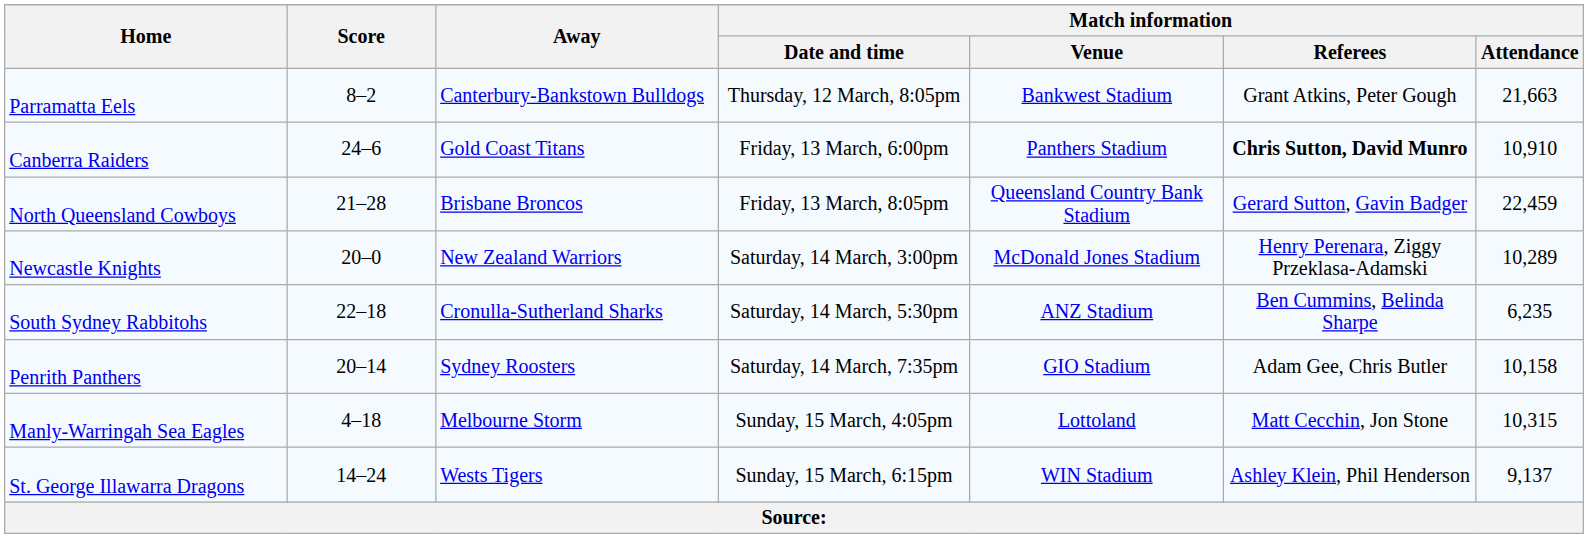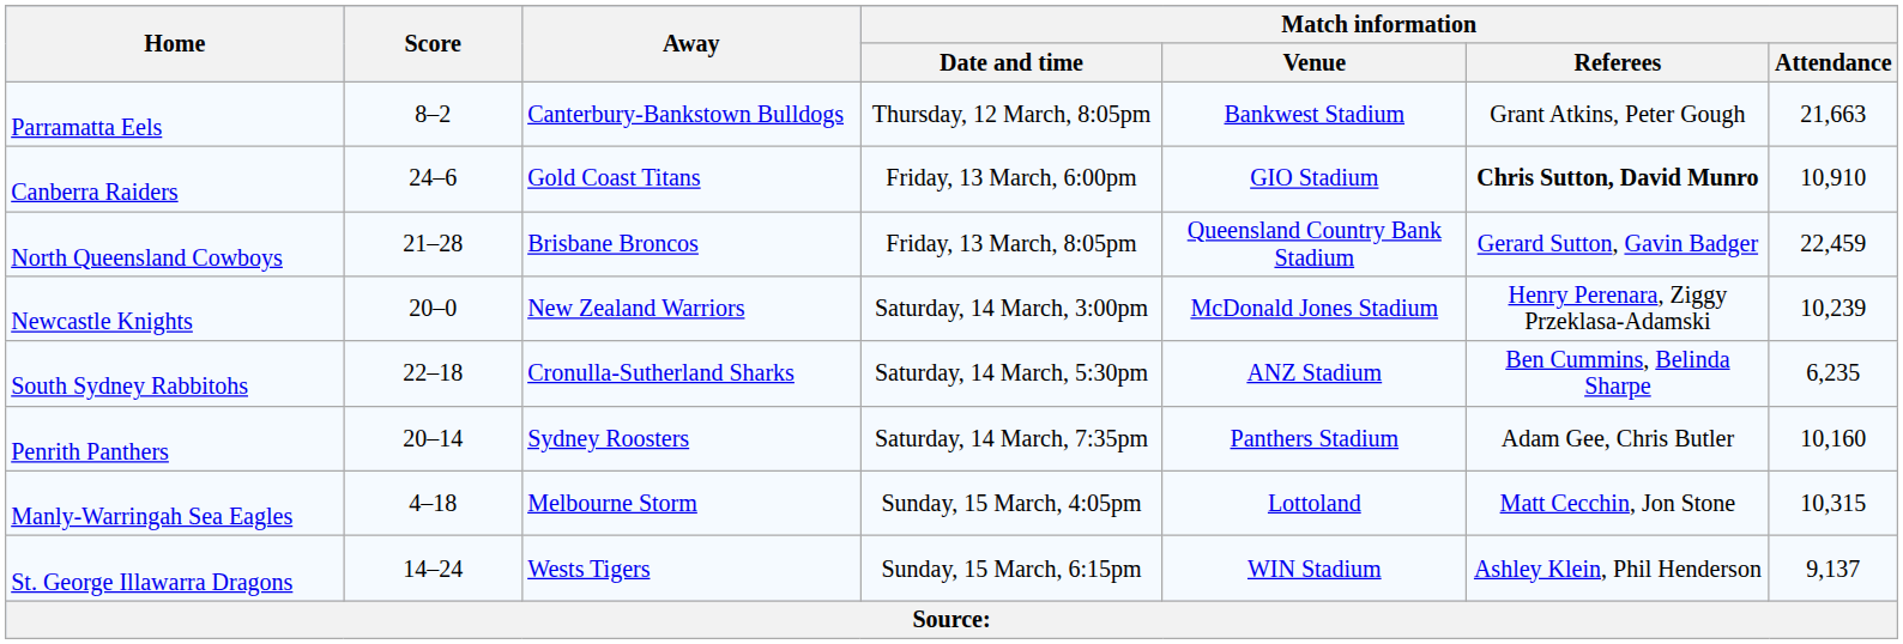 <table class="wikitable" style="border-collapse:collapse; text-align:center; width:100%;">
 <tr style="background:#c1d8ff;">
 </tr>
 <tr style="background:#c1d8ff;">
 <th rowspan="2" style="width:19%;">Home</th>
 <th rowspan="2" style="width:10%;">Score</th>
 <th rowspan="2" style="width:19%;">Away</th>
 <th colspan="6">Match information</th>
 </tr>
 <tr style="background:#efefef;">
 <th width=17%>Date and time</th>
 <th width=17%>Venue</th>
 <th width=17%>Referees</th>
 <th width=5%>Attendance</th>
 </tr>
 <tr style="text-align:center; background:#f5faff;">
 <td align="left"><br> <a href='#'>Parramatta Eels</a></td>
 <td>8–2</td>
 <td align="left"> <a href='#'>Canterbury-Bankstown Bulldogs</a></td>
 <td>Thursday, 12 March, 8:05pm</td>
 <td><a href='#'>Bankwest Stadium</a></td>
 <td>Grant Atkins, Peter Gough</td>
 <td>21,663</td>
 </tr>
 <tr style="text-align:center; background:#f5faff;">
 <td align="left"><br> <a href='#'>Canberra Raiders</a></td>
 <td>24–6</td>
 <td align="left"> <a href='#'>Gold Coast Titans</a></td>
 <td>Friday, 13 March, 6:00pm</td>
-<td><a href='#'>Panthers Stadium</a></td>
+<td><a href='#'>GIO Stadium</a></td>
 <td><strong>Chris Sutton, David Munro</strong></td>
 <td>10,910</td>
 </tr>
 <tr style="text-align:center; background:#f5faff;">
 <td align="left"><br> <a href='#'>North Queensland Cowboys</a></td>
 <td>21–28</td>
 <td align="left"> <a href='#'>Brisbane Broncos</a></td>
 <td>Friday, 13 March, 8:05pm</td>
 <td><a href='#'>Queensland Country Bank Stadium</a></td>
 <td><a href='#'>Gerard Sutton</a>, <a href='#'>Gavin Badger</a></td>
 <td>22,459</td>
 </tr>
 <tr style="text-align:center; background:#f5faff;">
 <td align="left"><br> <a href='#'>Newcastle Knights</a></td>
 <td>20–0</td>
 <td align="left"> <a href='#'>New Zealand Warriors</a></td>
 <td>Saturday, 14 March, 3:00pm</td>
 <td><a href='#'>McDonald Jones Stadium</a></td>
 <td><a href='#'>Henry Perenara</a>, Ziggy Przeklasa-Adamski</td>
-<td>10,289</td>
+<td>10,239</td>
 </tr>
 <tr style="text-align:center; background:#f5faff;">
 <td align="left"><br> <a href='#'>South Sydney Rabbitohs</a></td>
 <td>22–18</td>
 <td align="left"> <a href='#'>Cronulla-Sutherland Sharks</a></td>
 <td>Saturday, 14 March, 5:30pm</td>
 <td><a href='#'>ANZ Stadium</a></td>
 <td><a href='#'>Ben Cummins</a>, <a href='#'>Belinda Sharpe</a></td>
 <td>6,235</td>
 </tr>
 <tr style="text-align:center; background:#f5faff;">
 <td align="left"><br> <a href='#'>Penrith Panthers</a></td>
 <td>20–14</td>
 <td align="left"> <a href='#'>Sydney Roosters</a></td>
 <td>Saturday, 14 March, 7:35pm</td>
-<td><a href='#'>GIO Stadium</a></td>
+<td><a href='#'>Panthers Stadium</a></td>
 <td>Adam Gee, Chris Butler</td>
-<td>10,158</td>
+<td>10,160</td>
 </tr>
 <tr style="text-align:center; background:#f5faff;">
 <td align="left"><br> <a href='#'>Manly-Warringah Sea Eagles</a></td>
 <td>4–18</td>
 <td align="left"> <a href='#'>Melbourne Storm</a></td>
 <td>Sunday, 15 March, 4:05pm</td>
 <td><a href='#'>Lottoland</a></td>
 <td><a href='#'>Matt Cecchin</a>, Jon Stone</td>
 <td>10,315</td>
 </tr>
 <tr style="text-align:center; background:#f5faff;">
 <td align="left"><br> <a href='#'>St. George Illawarra Dragons</a></td>
 <td>14–24</td>
 <td align="left"> <a href='#'>Wests Tigers</a></td>
 <td>Sunday, 15 March, 6:15pm</td>
 <td><a href='#'>WIN Stadium</a></td>
 <td><a href='#'>Ashley Klein</a>, Phil Henderson</td>
 <td>9,137</td>
 </tr>
 <tr style="background:#c1d8ff;">
 <th colspan="7">Source:</th>
 </tr>
 </table>
